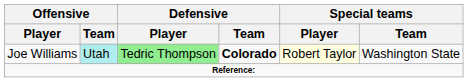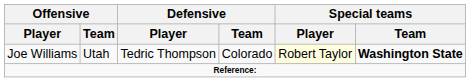 <table class="wikitable">
 <tr>
 <th colspan="2">Offensive</th>
 <th colspan="2">Defensive</th>
 <th colspan="2">Special teams</th>
 </tr>
 <tr>
 <th>Player</th>
 <th>Team</th>
 <th>Player</th>
 <th>Team</th>
 <th>Player</th>
 <th>Team</th>
 </tr>
 <tr>
 <td>Joe Williams</td>
-<td style="background: paleturquoise;">Utah</td>
-<td style="background: lightgreen;">Tedric Thompson</td>
-<td><strong>Colorado</strong></td>
+<td>Utah</td>
+<td>Tedric Thompson</td>
+<td>Colorado</td>
 <td style="background: lightyellow;">Robert Taylor</td>
-<td>Washington State</td>
+<td><strong>Washington State</strong></td>
 </tr>
 <tr>
 <td colspan="12"  style="font-size:8pt; text-align:center;"><strong>Reference:</strong></td>
 </tr>
 </table>
